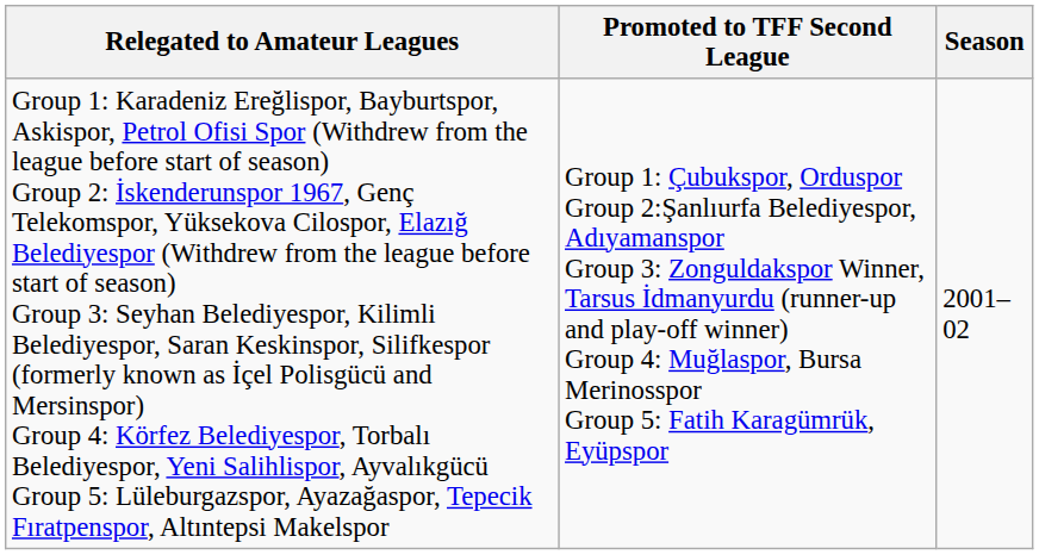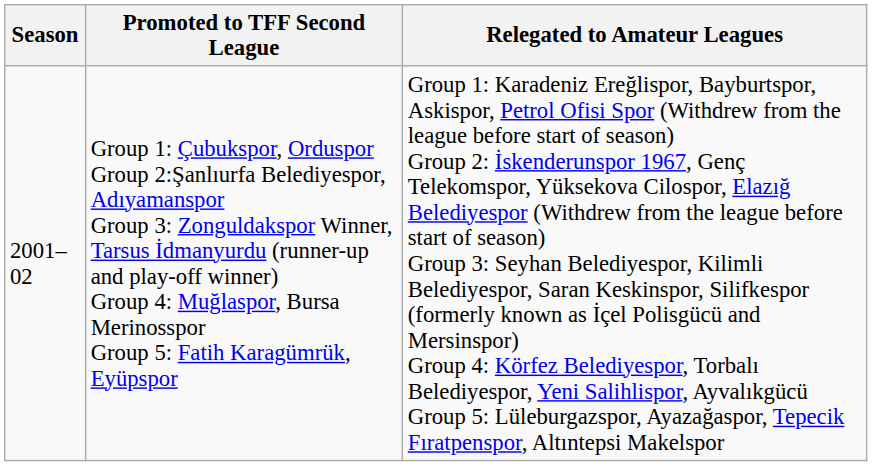 <table class="wikitable">
 <tr>
+<th>Season</th>
+<th>Promoted to TFF Second League</th>
 <th>Relegated to Amateur Leagues</th>
-<th>Promoted to TFF Second League</th>
-<th>Season</th>
 </tr>
 <tr>
+<td>2001–02</td>
+<td>Group 1: <a href='#'>Çubukspor</a>, <a href='#'>Orduspor</a><br>Group 2:Şanlıurfa Belediyespor, <a href='#'>Adıyamanspor</a><br>Group 3: <a href='#'>Zonguldakspor</a> Winner, <a href='#'>Tarsus İdmanyurdu</a> (runner-up and play-off winner)<br>Group 4: <a href='#'>Muğlaspor</a>, Bursa Merinosspor<br>Group 5: <a href='#'>Fatih Karagümrük</a>, <a href='#'>Eyüpspor</a></td>
 <td>Group 1: Karadeniz Ereğlispor, Bayburtspor, Askispor, <a href='#'>Petrol Ofisi Spor</a> (Withdrew from the league before start of season)<br>Group 2: <a href='#'>İskenderunspor 1967</a>, Genç Telekomspor, Yüksekova Cilospor, <a href='#'>Elazığ Belediyespor</a> (Withdrew from the league before start of season)<br>Group 3: Seyhan Belediyespor, Kilimli Belediyespor, Saran Keskinspor, Silifkespor (formerly known as İçel Polisgücü and Mersinspor)<br>Group 4: <a href='#'>Körfez Belediyespor</a>, Torbalı Belediyespor, <a href='#'>Yeni Salihlispor</a>, Ayvalıkgücü<br>Group 5: Lüleburgazspor, Ayazağaspor, <a href='#'>Tepecik Fıratpenspor</a>, Altıntepsi Makelspor</td>
-<td>Group 1: <a href='#'>Çubukspor</a>, <a href='#'>Orduspor</a><br>Group 2:Şanlıurfa Belediyespor, <a href='#'>Adıyamanspor</a><br>Group 3: <a href='#'>Zonguldakspor</a> Winner, <a href='#'>Tarsus İdmanyurdu</a> (runner-up and play-off winner)<br>Group 4: <a href='#'>Muğlaspor</a>, Bursa Merinosspor<br>Group 5: <a href='#'>Fatih Karagümrük</a>, <a href='#'>Eyüpspor</a></td>
-<td>2001–02</td>
 </tr>
 </table>
